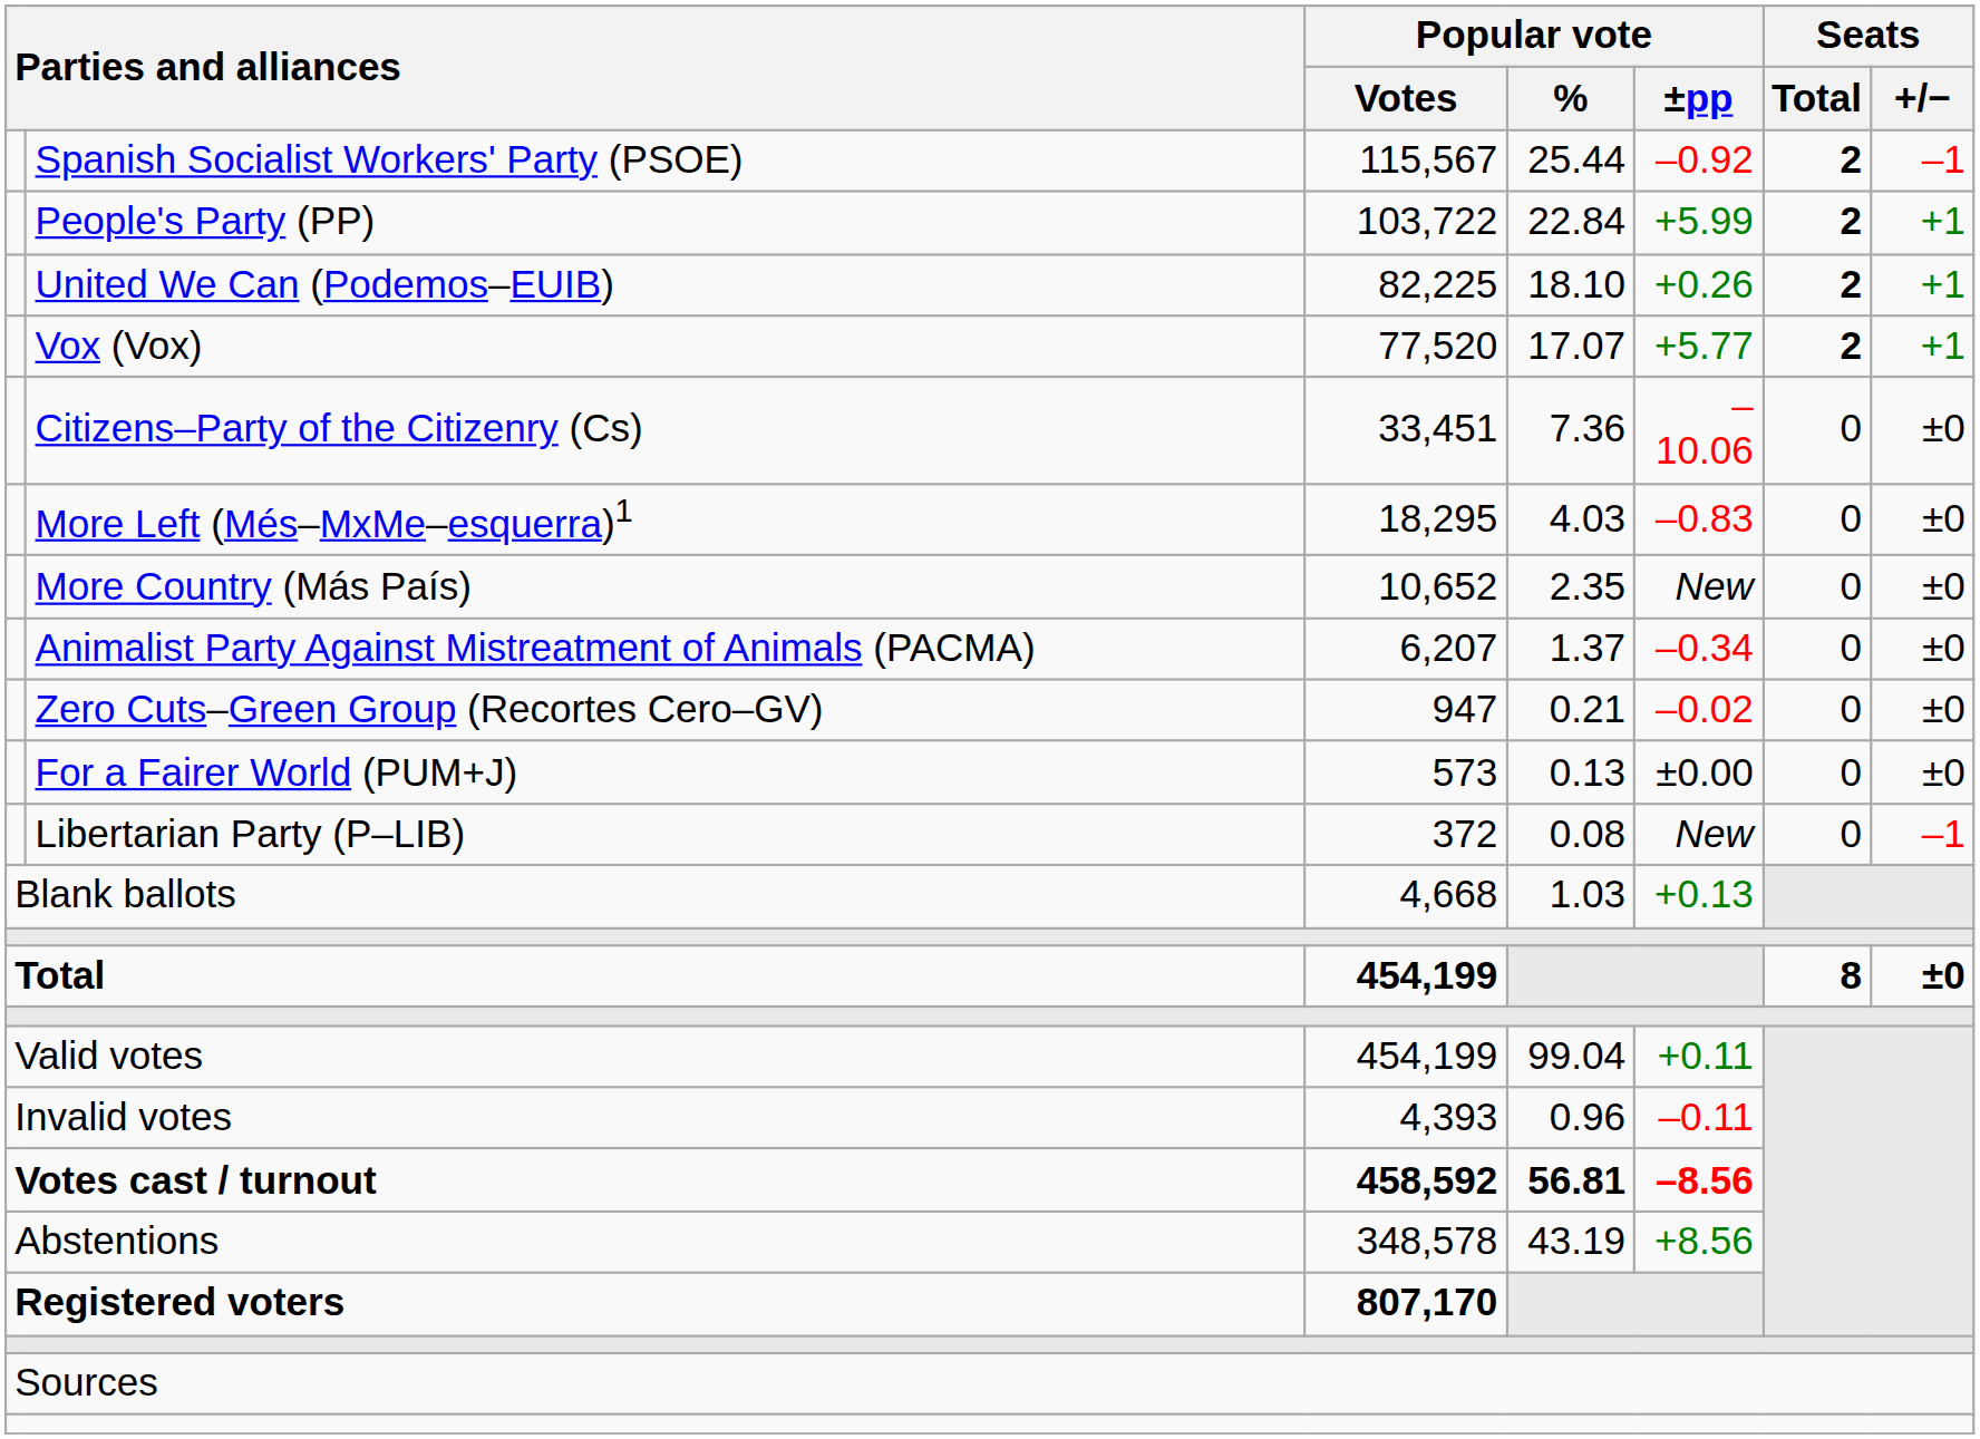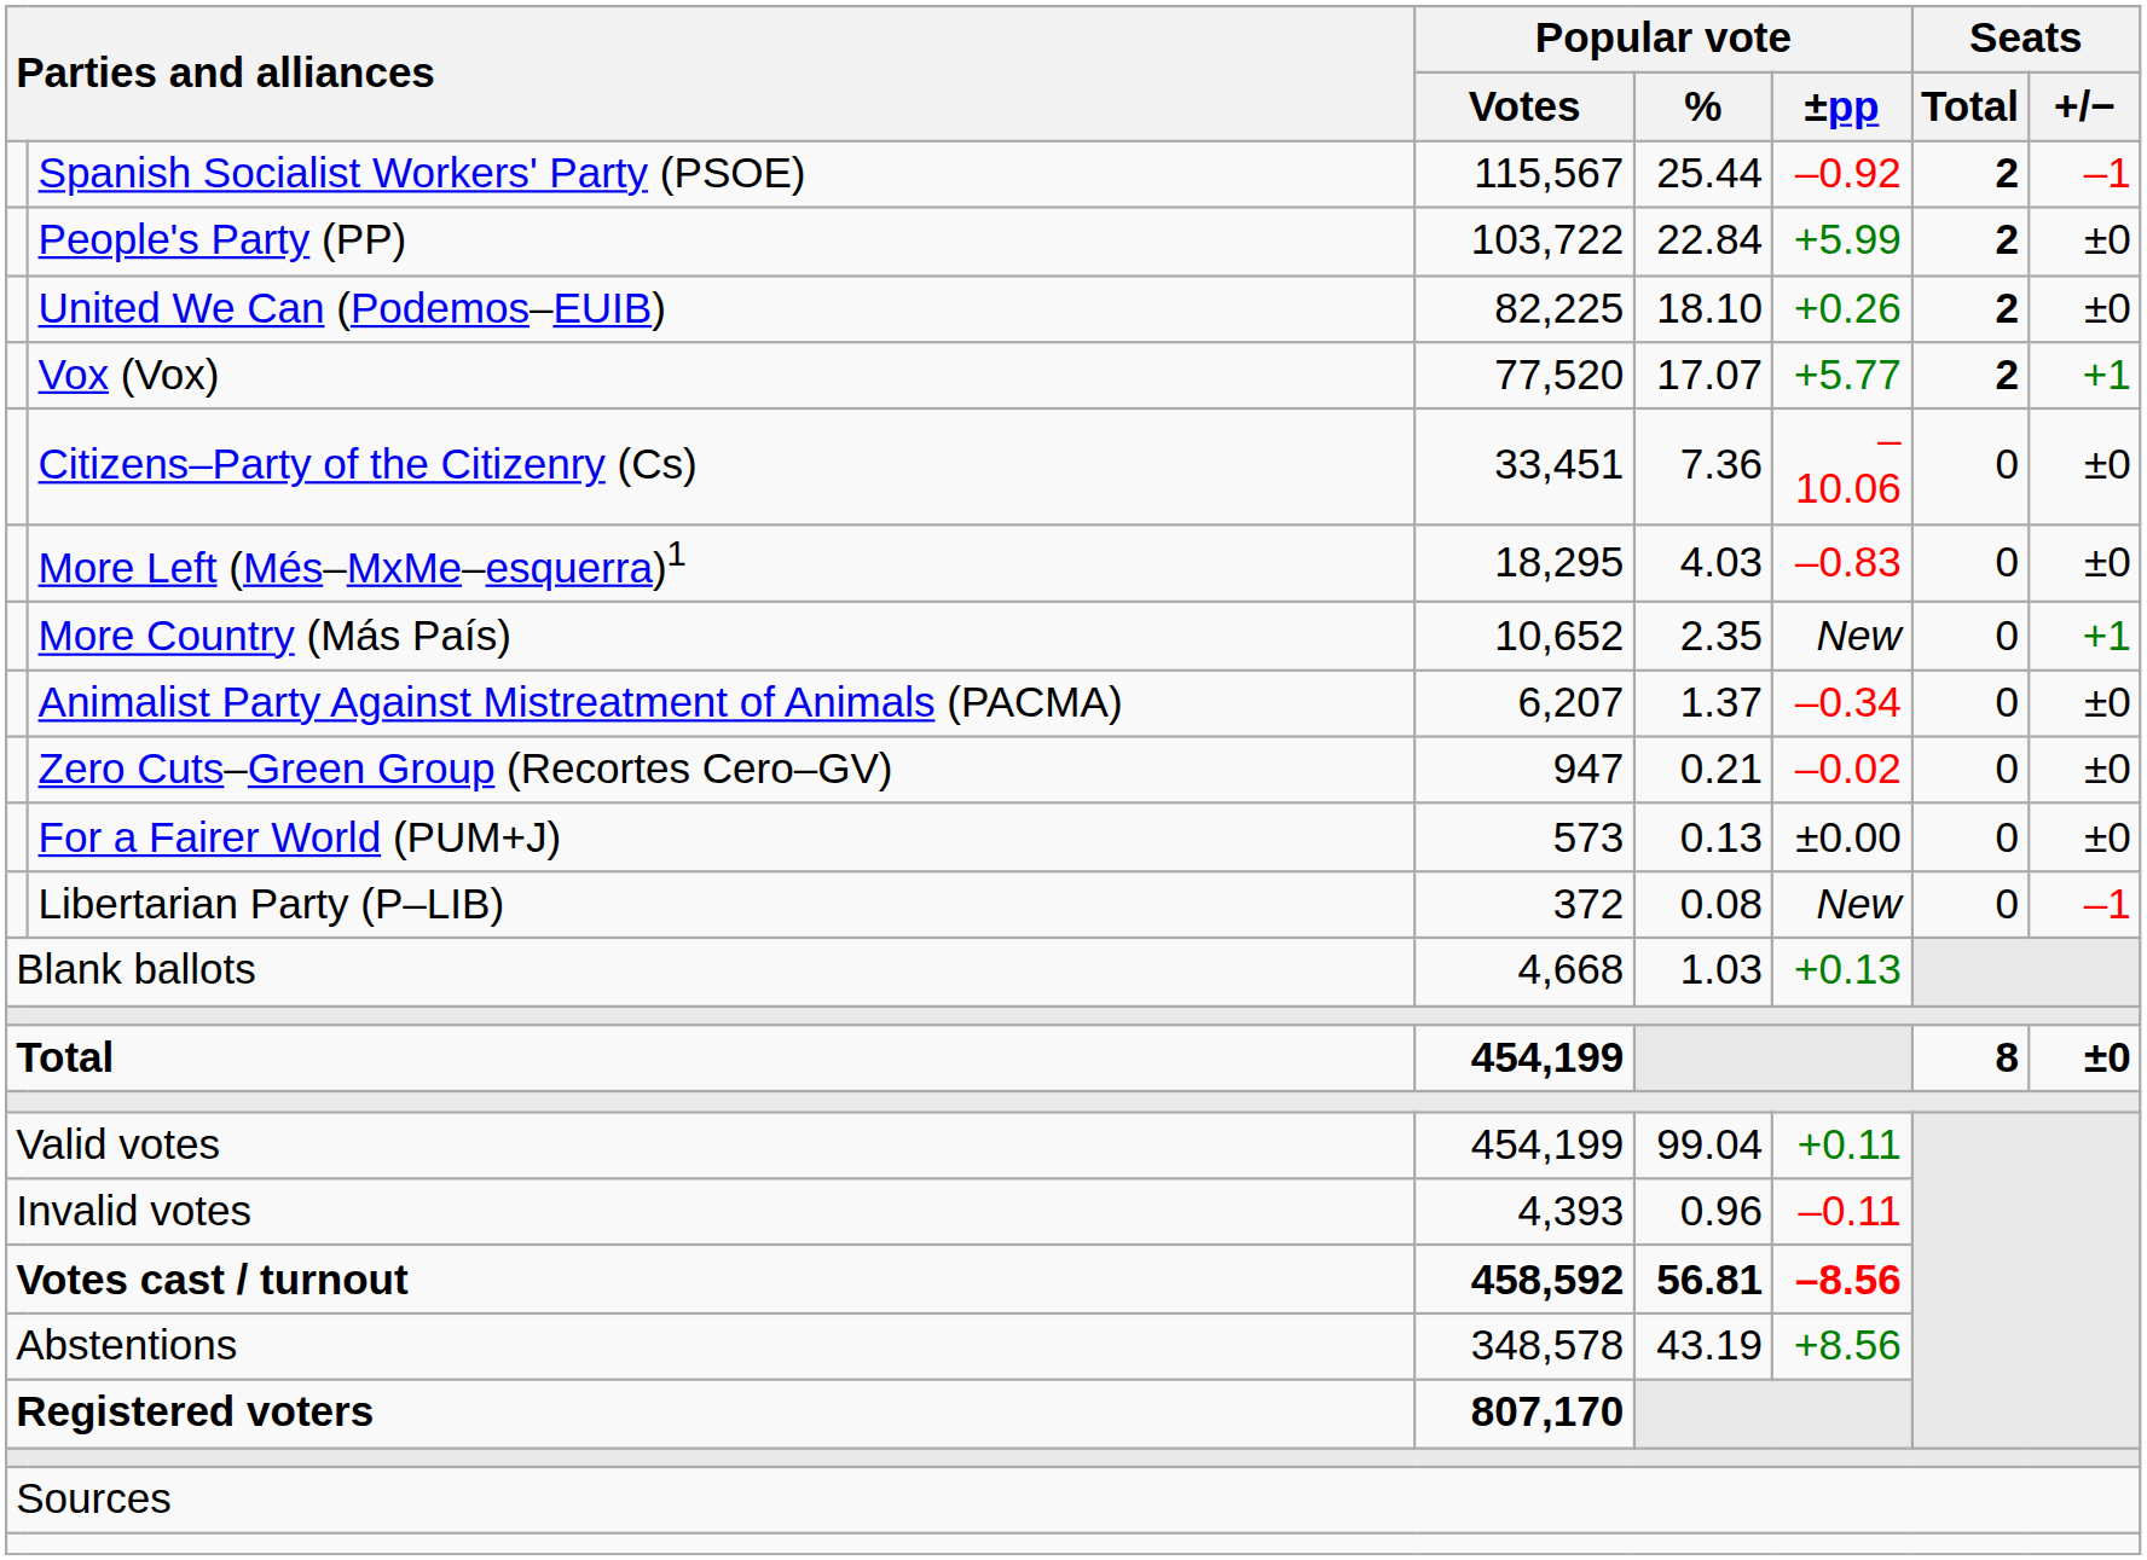 <table class="wikitable" style="text-align:right;">
 <tr>
 <th style="text-align:left;" rowspan="2" colspan="2" width="525">Parties and alliances</th>
 <th colspan="3">Popular vote</th>
 <th colspan="2">Seats</th>
 </tr>
 <tr>
 <th width="75">Votes</th>
 <th width="45">%</th>
 <th width="45">±<a href='#'>pp</a></th>
 <th width="35">Total</th>
 <th width="35">+/−</th>
 </tr>
 <tr>
 <td width="1" style="color:inherit;background:"></td>
 <td align="left"><a href='#'>Spanish Socialist Workers' Party</a> (PSOE)</td>
 <td>115,567</td>
 <td>25.44</td>
 <td style="color:red;">–0.92</td>
 <td><strong>2</strong></td>
 <td style="color:red;">–1</td>
 </tr>
 <tr>
 <td style="color:inherit;background:"></td>
 <td align="left"><a href='#'>People's Party</a> (PP)</td>
 <td>103,722</td>
 <td>22.84</td>
 <td style="color:green;">+5.99</td>
 <td><strong>2</strong></td>
-<td style="color:green;">+1</td>
+<td>±0</td>
 </tr>
 <tr>
 <td style="color:inherit;background:"></td>
 <td align="left"><a href='#'>United We Can</a> (<a href='#'>Podemos</a>–<a href='#'>EUIB</a>)</td>
 <td>82,225</td>
 <td>18.10</td>
 <td style="color:green;">+0.26</td>
 <td><strong>2</strong></td>
-<td style="color:green;">+1</td>
+<td>±0</td>
 </tr>
 <tr>
 <td style="color:inherit;background:"></td>
 <td align="left"><a href='#'>Vox</a> (Vox)</td>
 <td>77,520</td>
 <td>17.07</td>
 <td style="color:green;">+5.77</td>
 <td><strong>2</strong></td>
 <td style="color:green;">+1</td>
 </tr>
 <tr>
 <td style="color:inherit;background:"></td>
 <td align="left"><a href='#'>Citizens–Party of the Citizenry</a> (Cs)</td>
 <td>33,451</td>
 <td>7.36</td>
 <td style="color:red;">–10.06</td>
 <td>0</td>
 <td>±0</td>
 </tr>
 <tr>
 <td style="color:inherit;background:"></td>
 <td align="left"><a href='#'>More Left</a> (<a href='#'>Més</a>–<a href='#'>MxMe</a>–<a href='#'>esquerra</a>)<sup>1</sup></td>
 <td>18,295</td>
 <td>4.03</td>
 <td style="color:red;">–0.83</td>
 <td>0</td>
 <td>±0</td>
 </tr>
 <tr>
 <td style="color:inherit;background:"></td>
 <td align="left"><a href='#'>More Country</a> (Más País)</td>
 <td>10,652</td>
 <td>2.35</td>
 <td><em>New</em></td>
 <td>0</td>
-<td>±0</td>
+<td style="color:green;">+1</td>
 </tr>
 <tr>
 <td style="color:inherit;background:"></td>
 <td align="left"><a href='#'>Animalist Party Against Mistreatment of Animals</a> (PACMA)</td>
 <td>6,207</td>
 <td>1.37</td>
 <td style="color:red;">–0.34</td>
 <td>0</td>
 <td>±0</td>
 </tr>
 <tr>
 <td style="color:inherit;background:"></td>
 <td align="left"><a href='#'>Zero Cuts</a>–<a href='#'>Green Group</a> (Recortes Cero–GV)</td>
 <td>947</td>
 <td>0.21</td>
 <td style="color:red;">–0.02</td>
 <td>0</td>
 <td>±0</td>
 </tr>
 <tr>
 <td style="color:inherit;background:"></td>
 <td align="left"><a href='#'>For a Fairer World</a> (PUM+J)</td>
 <td>573</td>
 <td>0.13</td>
 <td>±0.00</td>
 <td>0</td>
 <td>±0</td>
 </tr>
 <tr>
 <td style="color:inherit;background:"></td>
 <td align="left">Libertarian Party (P–LIB)</td>
 <td>372</td>
 <td>0.08</td>
 <td><em>New</em></td>
 <td>0</td>
 <td style="color:red;">–1</td>
 </tr>
 <tr>
 <td align="left" colspan="2">Blank ballots</td>
 <td>4,668</td>
 <td>1.03</td>
 <td style="color:green;">+0.13</td>
 <td bgcolor="#E9E9E9" colspan="2"></td>
 </tr>
 <tr>
 <td colspan="7" bgcolor="#E9E9E9"></td>
 </tr>
 <tr style="font-weight:bold;">
 <td align="left" colspan="2">Total</td>
 <td>454,199</td>
 <td bgcolor="#E9E9E9" colspan="2"></td>
 <td>8</td>
 <td>±0</td>
 </tr>
 <tr>
 <td colspan="7" bgcolor="#E9E9E9"></td>
 </tr>
 <tr>
 <td align="left" colspan="2">Valid votes</td>
 <td>454,199</td>
 <td>99.04</td>
 <td style="color:green;">+0.11</td>
 <td bgcolor="#E9E9E9" colspan="2" rowspan="5"></td>
 </tr>
 <tr>
 <td align="left" colspan="2">Invalid votes</td>
 <td>4,393</td>
 <td>0.96</td>
 <td style="color:red;">–0.11</td>
 </tr>
 <tr style="font-weight:bold;">
 <td align="left" colspan="2">Votes cast / turnout</td>
 <td>458,592</td>
 <td>56.81</td>
 <td style="color:red;">–8.56</td>
 </tr>
 <tr>
 <td align="left" colspan="2">Abstentions</td>
 <td>348,578</td>
 <td>43.19</td>
 <td style="color:green;">+8.56</td>
 </tr>
 <tr style="font-weight:bold;">
 <td align="left" colspan="2">Registered voters</td>
 <td>807,170</td>
 <td bgcolor="#E9E9E9" colspan="2"></td>
 </tr>
 <tr>
 <td colspan="7" bgcolor="#E9E9E9"></td>
 </tr>
 <tr>
 <td align="left" colspan="7">Sources</td>
 </tr>
 <tr>
 <td colspan="7" style="text-align:left; max-width:790px;"></td>
 </tr>
 </table>
